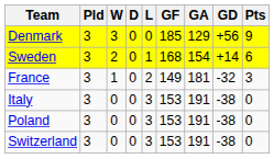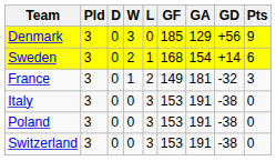 <table class="wikitable" border="1">
 <tr>
 <th>Team</th>
 <th>Pld</th>
+<th>D</th>
 <th>W</th>
-<th>D</th>
 <th>L</th>
 <th>GF</th>
 <th>GA</th>
 <th>GD</th>
 <th>Pts</th>
 </tr>
 <tr style="background:#ffff00">
 <td> <a href='#'>Denmark</a></td>
 <td>3</td>
+<td>0</td>
 <td>3</td>
-<td>0</td>
 <td>0</td>
 <td>185</td>
 <td>129</td>
 <td>+56</td>
 <td>9</td>
 </tr>
 <tr style="background:#ffff00">
 <td> <a href='#'>Sweden</a></td>
 <td>3</td>
+<td>0</td>
 <td>2</td>
-<td>0</td>
 <td>1</td>
 <td>168</td>
 <td>154</td>
 <td>+14</td>
 <td>6</td>
 </tr>
 <tr>
 <td> <a href='#'>France</a></td>
 <td>3</td>
+<td>0</td>
 <td>1</td>
-<td>0</td>
 <td>2</td>
 <td>149</td>
 <td>181</td>
 <td>-32</td>
 <td>3</td>
 </tr>
 <tr>
 <td> <a href='#'>Italy</a></td>
 <td>3</td>
 <td>0</td>
 <td>0</td>
 <td>3</td>
 <td>153</td>
 <td>191</td>
 <td>-38</td>
 <td>0</td>
 </tr>
 <tr>
 <td> <a href='#'>Poland</a></td>
 <td>3</td>
 <td>0</td>
 <td>0</td>
 <td>3</td>
 <td>153</td>
 <td>191</td>
 <td>-38</td>
 <td>0</td>
 </tr>
 <tr>
 <td> <a href='#'>Switzerland</a></td>
 <td>3</td>
 <td>0</td>
 <td>0</td>
 <td>3</td>
 <td>153</td>
 <td>191</td>
 <td>-38</td>
 <td>0</td>
 </tr>
 </table>
